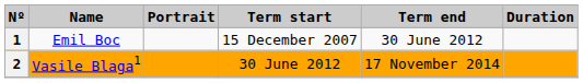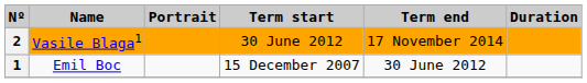 <table class="wikitable" style="text-align:center;">
 <tr>
 <th style="background:#ccc;">Nº</th>
 <th style="background:#ccc;">Name<br></th>
 <th style="background:#ccc;">Portrait</th>
 <th style="background:#ccc;">Term start</th>
 <th style="background:#ccc;">Term end</th>
 <th style="background:#ccc;">Duration</th>
 </tr>
+<tr style="background:#ffa500">
+<th>2</th>
+<td><a href='#'>Vasile Blaga</a><sup>1</sup><br></td>
+<td></td>
+<td>30 June 2012</td>
+<td>17 November 2014</td>
+<td></td>
+</tr>
 <tr style="background:">
 <th>1</th>
 <td><a href='#'>Emil Boc</a><br></td>
 <td></td>
 <td>15 December 2007</td>
 <td>30 June 2012</td>
 <td></td>
 </tr>
-<tr style="background:#ffa500">
-<th>2</th>
-<td><a href='#'>Vasile Blaga</a><sup>1</sup><br></td>
-<td></td>
-<td>30 June 2012</td>
-<td>17 November 2014</td>
-<td></td>
-</tr>
 <tr>
 </tr>
 </table>
